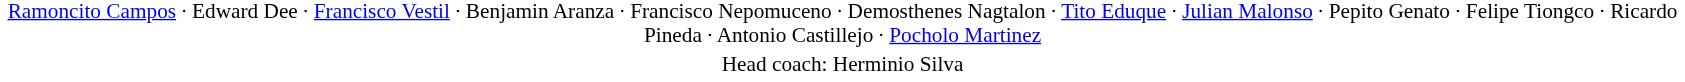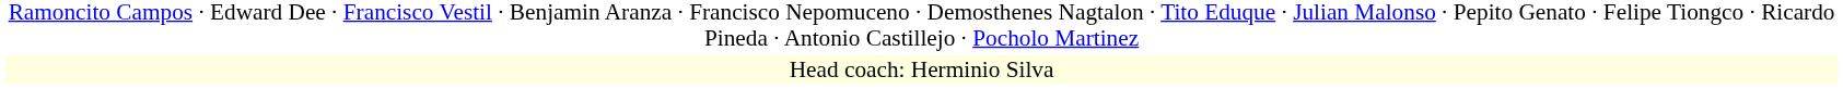 <table class="toccolours" style="margin:0.2em auto">
 <tr align=center>
 <td><a href='#'>Ramoncito Campos</a> ∙ Edward Dee ∙ <a href='#'>Francisco Vestil</a> ∙ Benjamin Aranza ∙ Francisco Nepomuceno ∙ Demosthenes Nagtalon ∙ <a href='#'>Tito Eduque</a> ∙ <a href='#'>Julian Malonso</a> ∙ Pepito Genato ∙ Felipe Tiongco ∙ Ricardo Pineda ∙ Antonio Castillejo ∙ <a href='#'>Pocholo Martinez</a></td>
 </tr>
 <tr align=center>
-<td>Head coach: Herminio Silva</td>
+<td style="background: lightyellow;">Head coach: Herminio Silva</td>
 </tr>
 </table>
